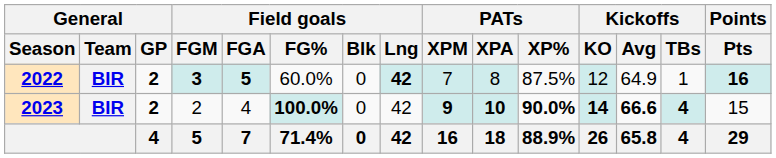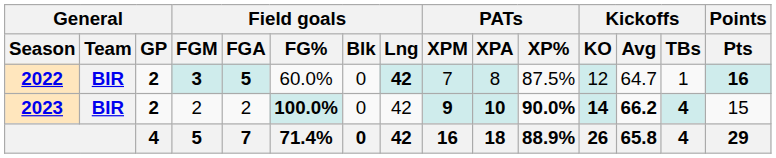 <table class="wikitable" style="text-align:center;">
 <tr>
 <th colspan=3>General</th>
 <th colspan=5>Field goals</th>
 <th colspan=3>PATs</th>
 <th colspan=3>Kickoffs</th>
 <th>Points</th>
 </tr>
 <tr>
 <th>Season</th>
 <th>Team</th>
 <th>GP</th>
 <th>FGM</th>
 <th>FGA</th>
 <th>FG%</th>
 <th>Blk</th>
 <th>Lng</th>
 <th>XPM</th>
 <th>XPA</th>
 <th>XP%</th>
 <th>KO</th>
 <th>Avg</th>
 <th>TBs</th>
 <th>Pts</th>
 </tr>
 <tr>
 <th style="background:#ffe6bd;"><a href='#'>2022</a></th>
 <th><a href='#'>BIR</a></th>
 <td><strong>2</strong></td>
 <td style="background:#cfecec;"><strong>3</strong></td>
 <td style="background:#cfecec;"><strong>5</strong></td>
 <td>60.0%</td>
 <td>0</td>
 <td style="background:#cfecec;"><strong>42</strong></td>
 <td style="background:#cfecec;">7</td>
 <td style="background:#cfecec;">8</td>
 <td>87.5%</td>
 <td style="background:#cfecec;">12</td>
-<td>64.9</td>
+<td>64.7</td>
 <td>1</td>
 <td style="background:#cfecec;"><strong>16</strong></td>
 </tr>
 <tr>
 <th style="background:#ffe6bd;"><a href='#'>2023</a></th>
 <th><a href='#'>BIR</a></th>
 <td><strong>2</strong></td>
 <td>2</td>
-<td>4</td>
+<td>2</td>
 <td style="background:#cfecec;"><strong>100.0%</strong></td>
 <td>0</td>
 <td>42</td>
 <td style="background:#cfecec;"><strong>9</strong></td>
 <td style="background:#cfecec;"><strong>10</strong></td>
 <td><strong>90.0%</strong></td>
 <td style="background:#cfecec;"><strong>14</strong></td>
-<td><strong>66.6</strong></td>
+<td><strong>66.2</strong></td>
 <td style="background:#cfecec;"><strong>4</strong></td>
 <td>15</td>
 </tr>
 <tr>
 <th colspan="2"></th>
 <th>4</th>
 <th>5</th>
 <th>7</th>
 <th>71.4%</th>
 <th>0</th>
 <th>42</th>
 <th>16</th>
 <th>18</th>
 <th>88.9%</th>
 <th>26</th>
 <th>65.8</th>
 <th>4</th>
 <th>29</th>
 </tr>
 </table>
